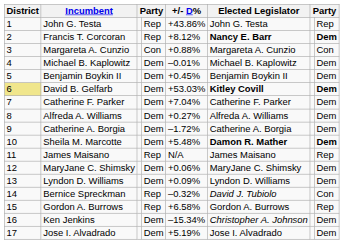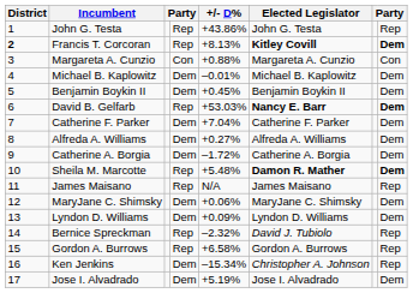 <table class="sortable wikitable" style="font-size:95%;line-height:14px;">
 <tr>
 <th>District</th>
 <th class="unsortable"><a href='#'>Incumbent</a></th>
 <th colspan="2">Party</th>
 <th>+/- <a href='#'>D</a>%</th>
 <th class="unsortable">Elected Legislator</th>
 <th colspan="2">Party</th>
 </tr>
 <tr>
 <td>1</td>
 <td>John  G. Testa</td>
 <td style="background:"></td>
 <td>Rep</td>
 <td>+43.86%</td>
 <td>John  G. Testa</td>
 <td style="background:"></td>
 <td>Rep</td>
 </tr>
 <tr>
-<td>2</td>
+<td><strong>2</strong></td>
 <td>Francis T. Corcoran</td>
 <td style="background:"></td>
 <td>Rep</td>
-<td>+8.12%</td>
-<td><strong>Nancy E. Barr</strong></td>
+<td>+8.13%</td>
+<td><strong>Kitley Covill</strong></td>
 <td style="background:"></td>
 <td><strong>Dem</strong></td>
 </tr>
 <tr>
 <td>3</td>
 <td>Margareta A. Cunzio</td>
 <td style="background:"></td>
 <td>Con</td>
 <td>+0.88%</td>
 <td>Margareta A. Cunzio</td>
 <td style="background:"></td>
 <td>Con</td>
 </tr>
 <tr>
 <td>4</td>
 <td>Michael B. Kaplowitz</td>
 <td style="background:"></td>
 <td>Dem</td>
 <td>–0.01%</td>
 <td>Michael B. Kaplowitz</td>
 <td style="background:"></td>
 <td>Dem</td>
 </tr>
 <tr>
 <td>5</td>
 <td>Benjamin Boykin II</td>
 <td style="background:"></td>
 <td>Dem</td>
 <td>+0.45%</td>
 <td>Benjamin Boykin II</td>
 <td style="background:"></td>
 <td>Dem</td>
 </tr>
 <tr>
-<td style="background: khaki;">6</td>
+<td>6</td>
 <td>David B. Gelfarb</td>
 <td style="background:"></td>
-<td>Dem</td>
+<td>Rep</td>
 <td>+53.03%</td>
-<td><strong>Kitley Covill</strong></td>
+<td><strong>Nancy E. Barr</strong></td>
 <td style="background:"></td>
 <td><strong>Dem</strong></td>
 </tr>
 <tr>
 <td>7</td>
 <td>Catherine F. Parker</td>
 <td style="background:"></td>
 <td>Dem</td>
 <td>+7.04%</td>
 <td>Catherine F. Parker</td>
 <td style="background:"></td>
 <td>Dem</td>
 </tr>
 <tr>
 <td>8</td>
 <td>Alfreda A. Williams</td>
 <td style="background:"></td>
 <td>Dem</td>
 <td>+0.27%</td>
 <td>Alfreda A. Williams</td>
 <td style="background:"></td>
 <td>Dem</td>
 </tr>
 <tr>
 <td>9</td>
 <td>Catherine A. Borgia</td>
 <td style="background:"></td>
 <td>Dem</td>
 <td>–1.72%</td>
 <td>Catherine A. Borgia</td>
 <td style="background:"></td>
 <td>Dem</td>
 </tr>
 <tr>
 <td>10</td>
 <td>Sheila M. Marcotte</td>
 <td style="background:"></td>
-<td>Dem</td>
+<td>Rep</td>
 <td>+5.48%</td>
 <td><strong>Damon R. Mather</strong></td>
 <td style="background:"></td>
 <td><strong>Dem</strong></td>
 </tr>
 <tr>
 <td>11</td>
 <td>James Maisano</td>
 <td style="background:"></td>
 <td>Rep</td>
 <td>N/A</td>
 <td>James Maisano</td>
 <td style="background: "></td>
 <td>Rep</td>
 </tr>
 <tr>
 <td>12</td>
 <td>MaryJane C. Shimsky</td>
 <td style="background:"></td>
 <td>Dem</td>
 <td>+0.06%</td>
 <td>MaryJane C. Shimsky</td>
 <td style="background:"></td>
 <td>Dem</td>
 </tr>
 <tr>
 <td>13</td>
 <td>Lyndon D. Williams</td>
 <td style="background:"></td>
 <td>Dem</td>
 <td>+0.09%</td>
 <td>Lyndon D. Williams</td>
 <td style="background:"></td>
 <td>Dem</td>
 </tr>
 <tr>
 <td>14</td>
 <td>Bernice Spreckman</td>
 <td style="background:"></td>
 <td>Rep</td>
-<td>–0.32%</td>
+<td>–2.32%</td>
 <td><em>David J. Tubiolo</em></td>
 <td style="background:"></td>
-<td>Con</td>
+<td>Rep</td>
 </tr>
 <tr>
 <td>15</td>
 <td>Gordon A. Burrows</td>
 <td style="background:"></td>
 <td>Rep</td>
 <td>+6.58%</td>
 <td>Gordon A. Burrows</td>
 <td style="background:"></td>
 <td>Rep</td>
 </tr>
 <tr>
 <td>16</td>
 <td>Ken Jenkins</td>
 <td style="background:"></td>
 <td>Dem</td>
 <td>–15.34%</td>
 <td><em>Christopher A. Johnson</em></td>
 <td style="background:"></td>
-<td>Dem</td>
+<td>Rep</td>
 </tr>
 <tr>
 <td>17</td>
 <td>Jose I. Alvadrado</td>
 <td style="background:"></td>
 <td>Dem</td>
 <td>+5.19%</td>
 <td>Jose I. Alvadrado</td>
 <td style="background:"></td>
 <td>Dem</td>
 </tr>
 </table>
